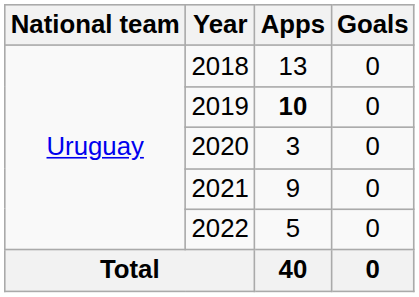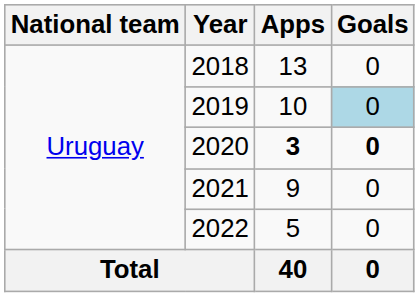 <table class="wikitable" style="text-align:center">
 <tr>
 <th>National team</th>
 <th>Year</th>
 <th>Apps</th>
 <th>Goals</th>
 </tr>
 <tr>
 <td rowspan="5"><a href='#'>Uruguay</a></td>
 <td>2018</td>
 <td>13</td>
 <td>0</td>
 </tr>
 <tr>
 <td>2019</td>
-<td><strong>10</strong></td>
-<td>0</td>
+<td>10</td>
+<td style="background: lightblue;">0</td>
 </tr>
 <tr>
 <td>2020</td>
-<td>3</td>
-<td>0</td>
+<td><strong>3</strong></td>
+<td><strong>0</strong></td>
 </tr>
 <tr>
 <td>2021</td>
 <td>9</td>
 <td>0</td>
 </tr>
 <tr>
 <td>2022</td>
 <td>5</td>
 <td>0</td>
 </tr>
 <tr>
 <th colspan="2">Total</th>
 <th>40</th>
 <th>0</th>
 </tr>
 </table>
